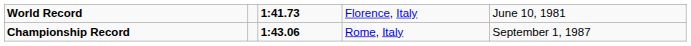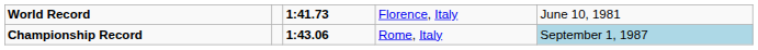 <table class="wikitable" width=75%>
 <tr>
 <td><strong>World Record</strong></td>
 <td></td>
 <td><strong>1:41.73</strong></td>
 <td><a href='#'>Florence</a>, <a href='#'>Italy</a></td>
 <td>June 10, 1981</td>
 </tr>
 <tr>
 <td><strong>Championship Record</strong></td>
 <td></td>
 <td><strong>1:43.06</strong></td>
 <td><a href='#'>Rome</a>, <a href='#'>Italy</a></td>
-<td>September 1, 1987</td>
+<td style="background: lightblue;">September 1, 1987</td>
 </tr>
 </table>
